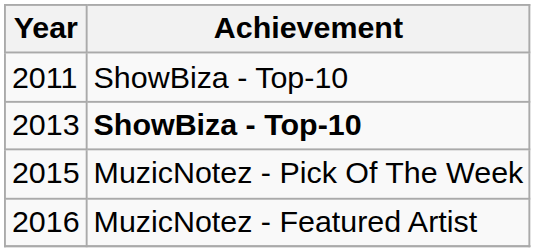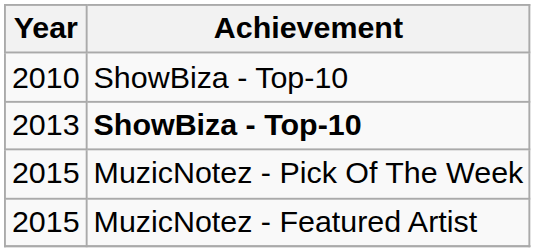 <table class="wikitable">
 <tr>
 <th>Year</th>
 <th>Achievement</th>
 </tr>
 <tr>
-<td>2011</td>
+<td>2010</td>
 <td>ShowBiza - Top-10</td>
 </tr>
 <tr>
 <td>2013</td>
 <td><strong>ShowBiza - Top-10</strong></td>
 </tr>
 <tr>
 <td>2015</td>
 <td>MuzicNotez - Pick Of The Week</td>
 </tr>
 <tr>
-<td>2016</td>
+<td>2015</td>
 <td>MuzicNotez - Featured Artist</td>
 </tr>
 <tr>
 </tr>
 </table>
